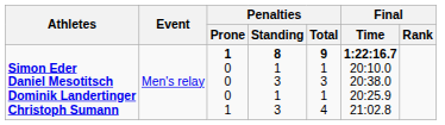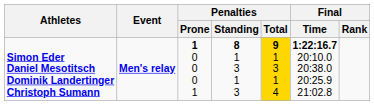 <table class="wikitable">
 <tr>
 <th rowspan="2">Athletes</th>
 <th rowspan="2">Event</th>
 <th colspan="3">Penalties</th>
 <th colspan="2">Final</th>
 </tr>
 <tr>
 <th>Prone</th>
 <th>Standing</th>
 <th>Total</th>
 <th>Time</th>
 <th>Rank</th>
 </tr>
 <tr>
 <td><br><strong><a href='#'>Simon Eder</a><br><a href='#'>Daniel Mesotitsch</a><br><a href='#'>Dominik Landertinger</a><br><a href='#'>Christoph Sumann</a></strong></td>
-<td><a href='#'>Men's relay</a></td>
+<td><strong><a href='#'>Men's relay</a></strong></td>
 <td align="center"><strong>1</strong><br>0<br>0<br>0<br>1</td>
 <td align="center"><strong>8</strong><br>1<br>3<br>1<br>3</td>
-<td align="center"><strong>9</strong><br>1<br>3<br>1<br>4</td>
+<td align="center" style="background: gold;"><strong>9</strong><br>1<br>3<br>1<br>4</td>
 <td align="center"><strong>1:22:16.7</strong><br>20:10.0<br>20:38.0<br>20:25.9<br>21:02.8</td>
 <td align="center"></td>
 </tr>
 </table>
